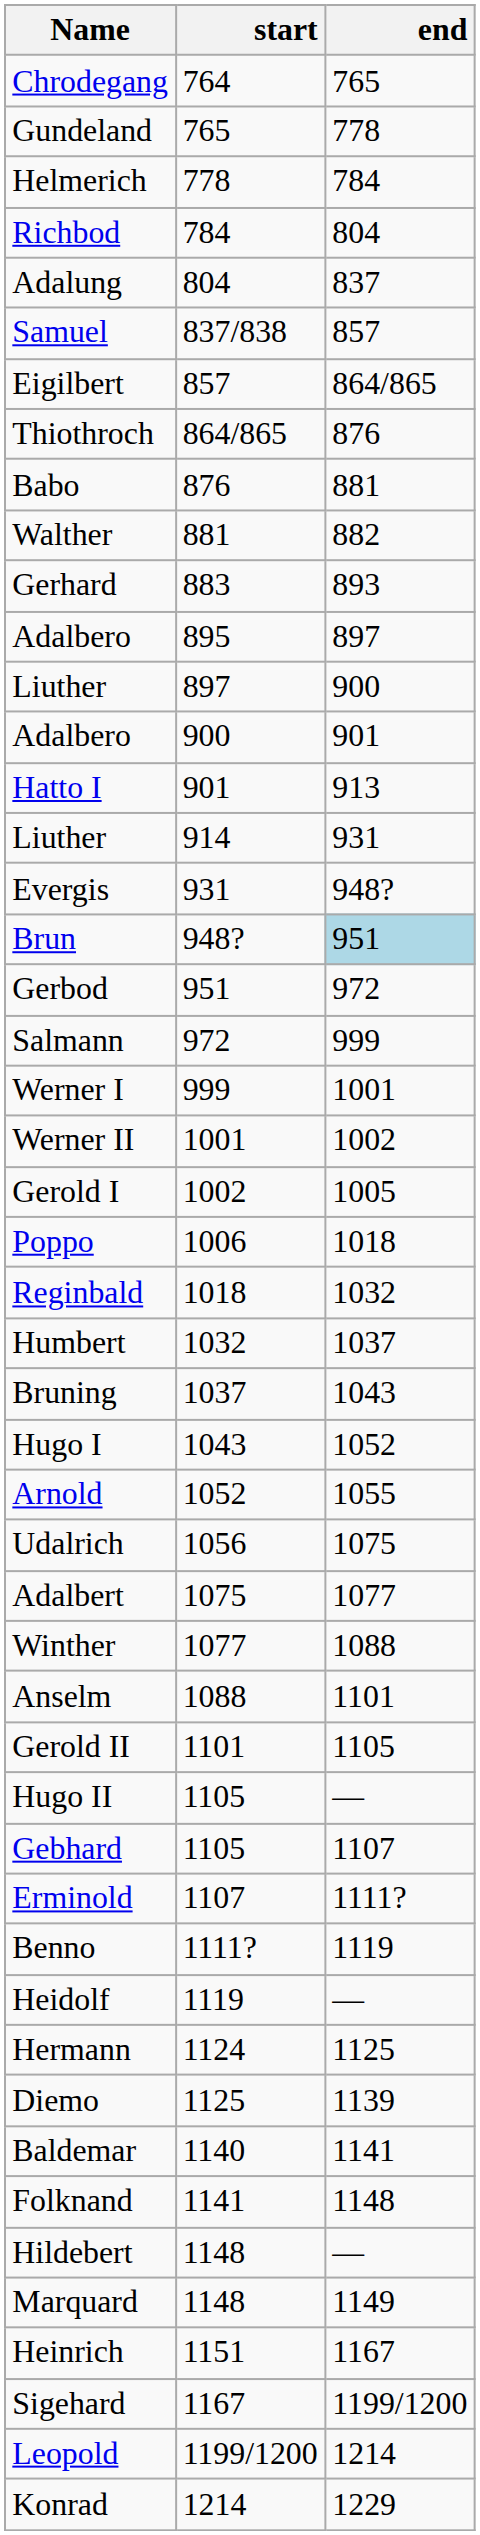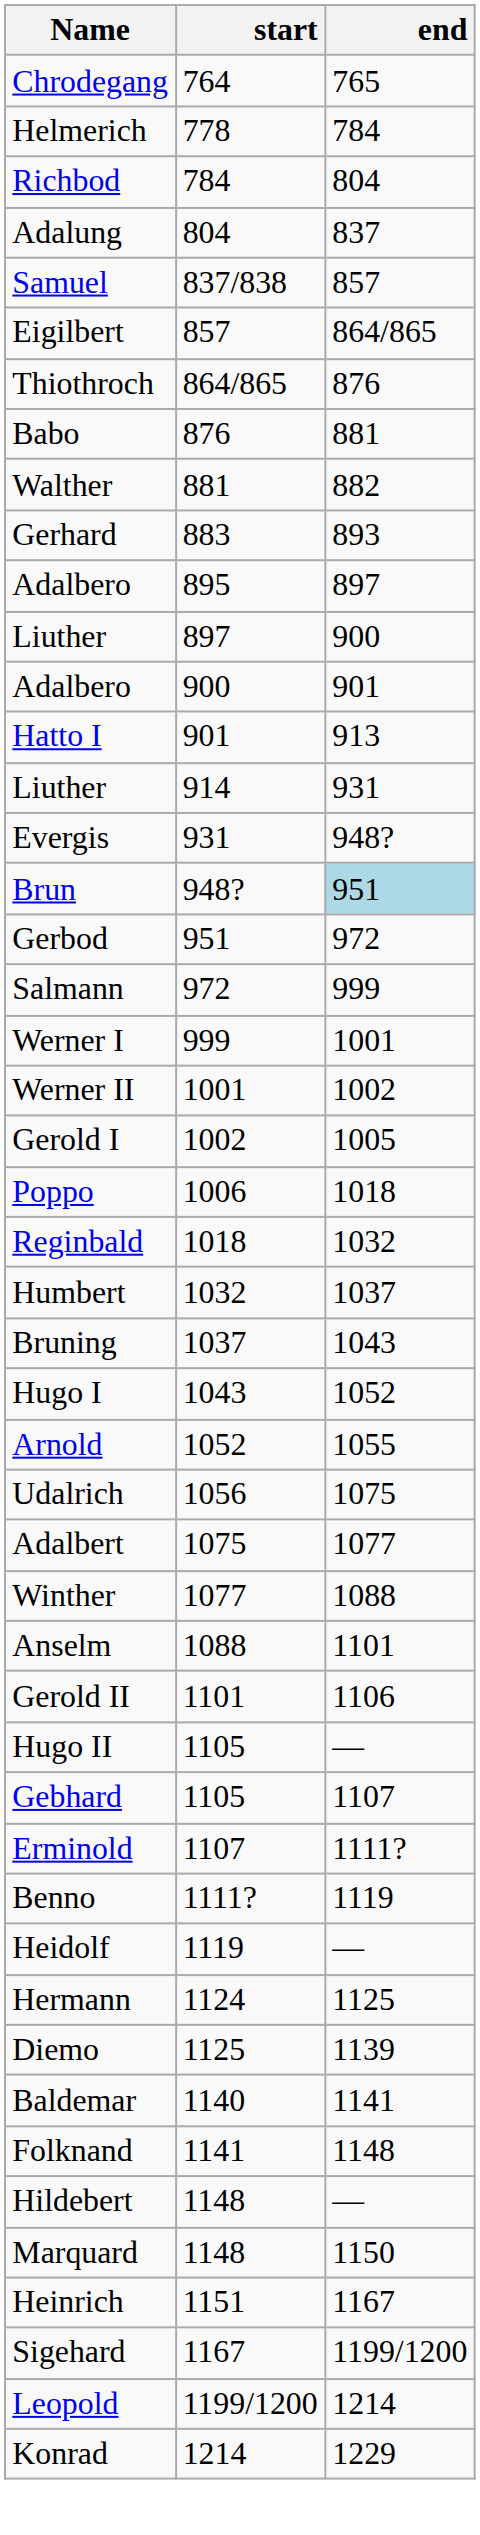 <table class="wikitable col2right col3right">
 <tr>
 <th>Name</th>
 <th style="text-align:right;">start</th>
 <th style="text-align:right;">end</th>
 </tr>
 <tr>
 <td><a href='#'>Chrodegang</a></td>
 <td>764</td>
 <td>765</td>
-</tr>
-<tr>
-<td>Gundeland</td>
-<td>765</td>
-<td>778</td>
 </tr>
 <tr>
 <td>Helmerich</td>
 <td>778</td>
 <td>784</td>
 </tr>
 <tr>
 <td><a href='#'>Richbod</a></td>
 <td>784</td>
 <td>804</td>
 </tr>
 <tr>
 <td>Adalung</td>
 <td>804</td>
 <td>837</td>
 </tr>
 <tr>
 <td><a href='#'>Samuel</a></td>
 <td>837/838</td>
 <td>857</td>
 </tr>
 <tr>
 <td>Eigilbert</td>
 <td>857</td>
 <td>864/865</td>
 </tr>
 <tr>
 <td>Thiothroch</td>
 <td>864/865</td>
 <td>876</td>
 </tr>
 <tr>
 <td>Babo</td>
 <td>876</td>
 <td>881</td>
 </tr>
 <tr>
 <td>Walther</td>
 <td>881</td>
 <td>882</td>
 </tr>
 <tr>
 <td>Gerhard</td>
 <td>883</td>
 <td>893</td>
 </tr>
 <tr>
 <td>Adalbero</td>
 <td>895</td>
 <td>897</td>
 </tr>
 <tr>
 <td>Liuther</td>
 <td>897</td>
 <td>900</td>
 </tr>
 <tr>
 <td>Adalbero</td>
 <td>900</td>
 <td>901</td>
 </tr>
 <tr>
 <td><a href='#'>Hatto I</a></td>
 <td>901</td>
 <td>913</td>
 </tr>
 <tr>
 <td>Liuther</td>
 <td>914</td>
 <td>931</td>
 </tr>
 <tr>
 <td>Evergis</td>
 <td>931</td>
 <td>948?</td>
 </tr>
 <tr>
 <td><a href='#'>Brun</a></td>
 <td>948?</td>
 <td style="background: lightblue;">951</td>
 </tr>
 <tr>
 <td>Gerbod</td>
 <td>951</td>
 <td>972</td>
 </tr>
 <tr>
 <td>Salmann</td>
 <td>972</td>
 <td>999</td>
 </tr>
 <tr>
 <td>Werner I</td>
 <td>999</td>
 <td>1001</td>
 </tr>
 <tr>
 <td>Werner II</td>
 <td>1001</td>
 <td>1002</td>
 </tr>
 <tr>
 <td>Gerold I</td>
 <td>1002</td>
 <td>1005</td>
 </tr>
 <tr>
 <td><a href='#'>Poppo</a></td>
 <td>1006</td>
 <td>1018</td>
 </tr>
 <tr>
 <td><a href='#'>Reginbald</a></td>
 <td>1018</td>
 <td>1032</td>
 </tr>
 <tr>
 <td>Humbert</td>
 <td>1032</td>
 <td>1037</td>
 </tr>
 <tr>
 <td>Bruning</td>
 <td>1037</td>
 <td>1043</td>
 </tr>
 <tr>
 <td>Hugo I</td>
 <td>1043</td>
 <td>1052</td>
 </tr>
 <tr>
 <td><a href='#'>Arnold</a></td>
 <td>1052</td>
 <td>1055</td>
 </tr>
 <tr>
 <td>Udalrich</td>
 <td>1056</td>
 <td>1075</td>
 </tr>
 <tr>
 <td>Adalbert</td>
 <td>1075</td>
 <td>1077</td>
 </tr>
 <tr>
 <td>Winther</td>
 <td>1077</td>
 <td>1088</td>
 </tr>
 <tr>
 <td>Anselm</td>
 <td>1088</td>
 <td>1101</td>
 </tr>
 <tr>
 <td>Gerold II</td>
 <td>1101</td>
-<td>1105</td>
+<td>1106</td>
 </tr>
 <tr>
 <td>Hugo II</td>
 <td>1105</td>
 <td>—</td>
 </tr>
 <tr>
 <td><a href='#'>Gebhard</a></td>
 <td>1105</td>
 <td>1107</td>
 </tr>
 <tr>
 <td><a href='#'>Erminold</a></td>
 <td>1107</td>
 <td>1111?</td>
 </tr>
 <tr>
 <td>Benno</td>
 <td>1111?</td>
 <td>1119</td>
 </tr>
 <tr>
 <td>Heidolf</td>
 <td>1119</td>
 <td>—</td>
 </tr>
 <tr>
 <td>Hermann</td>
 <td>1124</td>
 <td>1125</td>
 </tr>
 <tr>
 <td>Diemo</td>
 <td>1125</td>
 <td>1139</td>
 </tr>
 <tr>
 <td>Baldemar</td>
 <td>1140</td>
 <td>1141</td>
 </tr>
 <tr>
 <td>Folknand</td>
 <td>1141</td>
 <td>1148</td>
 </tr>
 <tr>
 <td>Hildebert</td>
 <td>1148</td>
 <td>—</td>
 </tr>
 <tr>
 <td>Marquard</td>
 <td>1148</td>
-<td>1149</td>
+<td>1150</td>
 </tr>
 <tr>
 <td>Heinrich</td>
 <td>1151</td>
 <td>1167</td>
 </tr>
 <tr>
 <td>Sigehard</td>
 <td>1167</td>
 <td>1199/1200</td>
 </tr>
 <tr>
 <td><a href='#'>Leopold</a></td>
 <td>1199/1200</td>
 <td>1214</td>
 </tr>
 <tr>
 <td>Konrad</td>
 <td>1214</td>
 <td>1229</td>
 </tr>
 </table>
